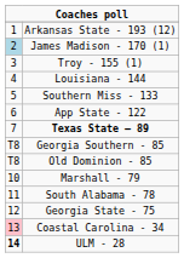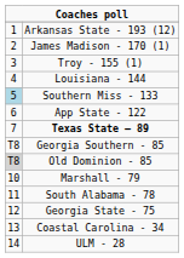 <table class="wikitable" style="display: inline-table;">
 <tr>
 <td align="center" Colspan="3"><strong>Coaches poll</strong></td>
 </tr>
 <tr align="center">
 </tr>
 <tr align="center">
 <td>1</td>
 <td>Arkansas State - 193 (12)</td>
 </tr>
 <tr align="center">
-<td style="background: lightblue;">2</td>
+<td>2</td>
 <td>James Madison - 170 (1)</td>
 </tr>
 <tr align="center">
 <td>3</td>
 <td>Troy - 155 (1)</td>
 </tr>
 <tr align="center">
 <td>4</td>
 <td>Louisiana - 144</td>
 </tr>
 <tr align="center">
-<td>5</td>
+<td style="background: lightblue;">5</td>
 <td>Southern Miss - 133</td>
 </tr>
 <tr align="center">
 <td>6</td>
 <td>App State - 122</td>
 </tr>
 <tr align="center">
 <td>7</td>
 <td><strong>Texas State – 89</strong></td>
 </tr>
 <tr align="center">
 <td>T8</td>
 <td>Georgia Southern - 85</td>
 </tr>
 <tr align="center">
-<td>T8</td>
+<td style="background: lightgrey;">T8</td>
 <td>Old Dominion - 85</td>
 </tr>
 <tr align="center">
 <td>10</td>
 <td>Marshall - 79</td>
 </tr>
 <tr align="center">
 <td>11</td>
 <td>South Alabama - 78</td>
 </tr>
 <tr align="center">
 <td>12</td>
 <td>Georgia State - 75</td>
 </tr>
 <tr align="center">
-<td style="background: pink;">13</td>
+<td>13</td>
 <td>Coastal Carolina - 34</td>
 </tr>
 <tr align="center">
-<td><strong>14</strong></td>
+<td>14</td>
 <td>ULM - 28</td>
 </tr>
 </table>
